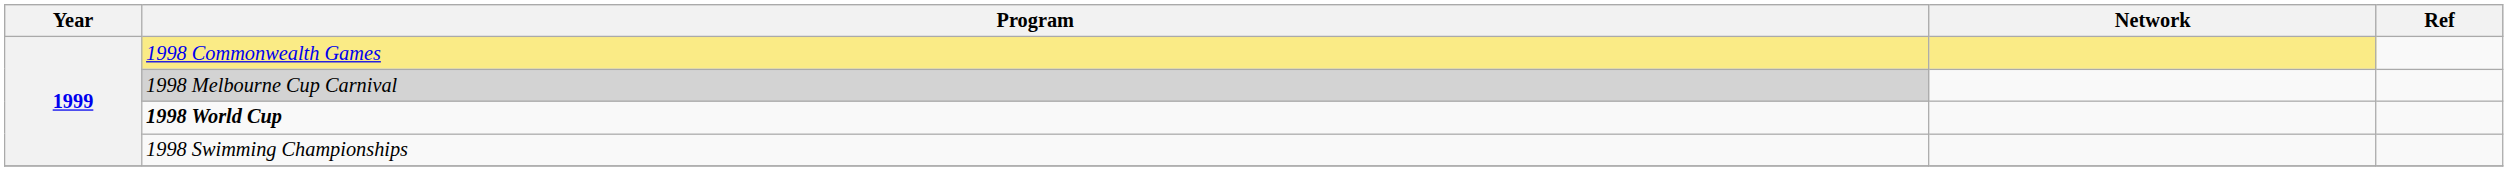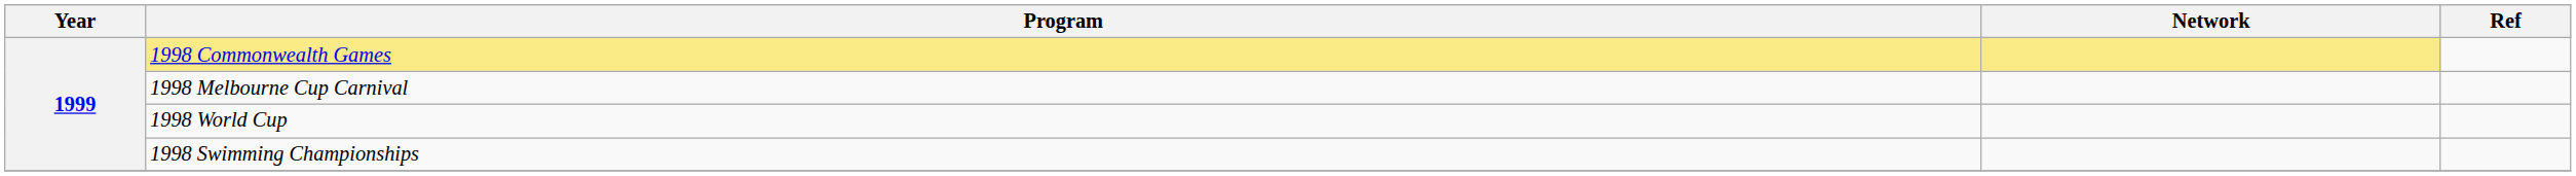 <table class="wikitable sortable">
 <tr style="background:#bebebe;">
 <th scope="col" style="width:1%;">Year</th>
 <th scope="col" style="width:16%;">Program</th>
 <th scope="col" style="width:4%;">Network</th>
 <th scope="col" style="width:1%;" class="unsortable">Ref</th>
 </tr>
 <tr>
 <th scope="row" rowspan="4" style="text-align:center"><a href='#'>1999</a></th>
 <td style="background:#FAEB86"><em><a href='#'>1998 Commonwealth Games</a></em></td>
 <td style="background:#FAEB86"></td>
 <td></td>
 </tr>
 <tr>
-<td style="background: lightgrey;"><em>1998 Melbourne Cup Carnival</em></td>
+<td><em>1998 Melbourne Cup Carnival</em></td>
 <td></td>
 <td></td>
 </tr>
 <tr>
-<td><strong><em>1998 World Cup</em></strong></td>
+<td><em>1998 World Cup</em></td>
 <td></td>
 <td></td>
 </tr>
 <tr>
 <td><em>1998 Swimming Championships</em></td>
 <td></td>
 <td></td>
 </tr>
 <tr>
 </tr>
 </table>
